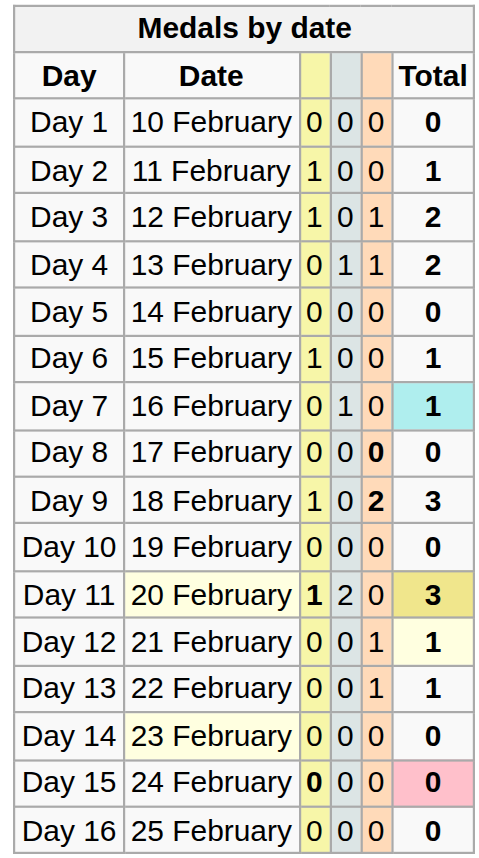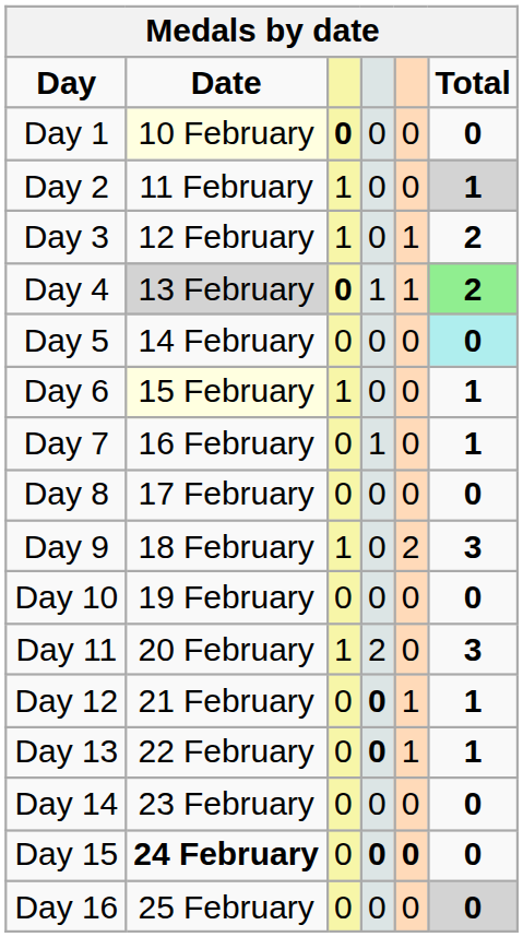 <table class=wikitable style="font-size:85%;float:right">
 <tr bgcolor=efefef>
 <th colspan=6><strong>Medals by date</strong></th>
 </tr>
 <tr align=center>
 <td><strong>Day</strong></td>
 <td><strong>Date</strong></td>
 <td bgcolor=#f7f6a8></td>
 <td bgcolor=#dce5e5></td>
 <td bgcolor=#ffdab9></td>
 <td><strong>Total</strong></td>
 </tr>
 <tr align=center>
 <td>Day 1</td>
-<td>10 February</td>
-<td bgcolor=F7F6A8>0</td>
+<td style="background: lightyellow;">10 February</td>
+<td bgcolor=F7F6A8><strong>0</strong></td>
 <td bgcolor=DCE5E5>0</td>
 <td bgcolor=FFDAB9>0</td>
 <td><strong>0</strong></td>
 </tr>
 <tr align=center>
 <td>Day 2</td>
 <td>11 February</td>
 <td bgcolor=F7F6A8>1</td>
 <td bgcolor=DCE5E5>0</td>
 <td bgcolor=FFDAB9>0</td>
-<td><strong>1</strong></td>
+<td style="background: lightgrey;"><strong>1</strong></td>
 </tr>
 <tr align=center>
 <td>Day 3</td>
 <td>12 February</td>
 <td bgcolor=F7F6A8>1</td>
 <td bgcolor=DCE5E5>0</td>
 <td bgcolor=FFDAB9>1</td>
 <td><strong>2</strong></td>
 </tr>
 <tr align=center>
 <td>Day 4</td>
-<td>13 February</td>
-<td bgcolor=F7F6A8>0</td>
+<td style="background: lightgrey;">13 February</td>
+<td bgcolor=F7F6A8><strong>0</strong></td>
 <td bgcolor=DCE5E5>1</td>
 <td bgcolor=FFDAB9>1</td>
-<td><strong>2</strong></td>
+<td style="background: lightgreen;"><strong>2</strong></td>
 </tr>
 <tr align=center>
 <td>Day 5</td>
 <td>14 February</td>
 <td bgcolor=F7F6A8>0</td>
 <td bgcolor=DCE5E5>0</td>
 <td bgcolor=FFDAB9>0</td>
-<td><strong>0</strong></td>
+<td style="background: paleturquoise;"><strong>0</strong></td>
 </tr>
 <tr align=center>
 <td>Day 6</td>
-<td>15 February</td>
+<td style="background: lightyellow;">15 February</td>
 <td bgcolor=F7F6A8>1</td>
 <td bgcolor=DCE5E5>0</td>
 <td bgcolor=FFDAB9>0</td>
 <td><strong>1</strong></td>
 </tr>
 <tr align=center>
 <td>Day 7</td>
 <td>16 February</td>
 <td bgcolor=F7F6A8>0</td>
 <td bgcolor=DCE5E5>1</td>
 <td bgcolor=FFDAB9>0</td>
-<td style="background: paleturquoise;"><strong>1</strong></td>
+<td><strong>1</strong></td>
 </tr>
 <tr align=center>
 <td>Day 8</td>
 <td>17 February</td>
 <td bgcolor=F7F6A8>0</td>
 <td bgcolor=DCE5E5>0</td>
-<td bgcolor=FFDAB9><strong>0</strong></td>
+<td bgcolor=FFDAB9>0</td>
 <td><strong>0</strong></td>
 </tr>
 <tr align=center>
 <td>Day 9</td>
 <td>18 February</td>
 <td bgcolor=F7F6A8>1</td>
 <td bgcolor=DCE5E5>0</td>
-<td bgcolor=FFDAB9><strong>2</strong></td>
+<td bgcolor=FFDAB9>2</td>
 <td><strong>3</strong></td>
 </tr>
 <tr align=center>
 <td>Day 10</td>
 <td>19 February</td>
 <td bgcolor=F7F6A8>0</td>
 <td bgcolor=DCE5E5>0</td>
 <td bgcolor=FFDAB9>0</td>
 <td><strong>0</strong></td>
 </tr>
 <tr align=center>
 <td>Day 11</td>
-<td style="background: lightyellow;">20 February</td>
-<td bgcolor=F7F6A8><strong>1</strong></td>
+<td>20 February</td>
+<td bgcolor=F7F6A8>1</td>
 <td bgcolor=DCE5E5>2</td>
 <td bgcolor=FFDAB9>0</td>
-<td style="background: khaki;"><strong>3</strong></td>
+<td><strong>3</strong></td>
 </tr>
 <tr align=center>
 <td>Day 12</td>
 <td>21 February</td>
 <td bgcolor=F7F6A8>0</td>
-<td bgcolor=DCE5E5>0</td>
+<td bgcolor=DCE5E5><strong>0</strong></td>
 <td bgcolor=FFDAB9>1</td>
-<td style="background: lightyellow;"><strong>1</strong></td>
+<td><strong>1</strong></td>
 </tr>
 <tr align=center>
 <td>Day 13</td>
 <td>22 February</td>
 <td bgcolor=F7F6A8>0</td>
-<td bgcolor=DCE5E5>0</td>
+<td bgcolor=DCE5E5><strong>0</strong></td>
 <td bgcolor=FFDAB9>1</td>
 <td><strong>1</strong></td>
 </tr>
 <tr align=center>
 <td>Day 14</td>
-<td style="background: lightyellow;">23 February</td>
+<td>23 February</td>
 <td bgcolor=F7F6A8>0</td>
 <td bgcolor=DCE5E5>0</td>
 <td bgcolor=FFDAB9>0</td>
 <td><strong>0</strong></td>
 </tr>
 <tr align=center>
 <td>Day 15</td>
-<td>24 February</td>
-<td bgcolor=F7F6A8><strong>0</strong></td>
-<td bgcolor=DCE5E5>0</td>
-<td bgcolor=FFDAB9>0</td>
-<td style="background: pink;"><strong>0</strong></td>
+<td><strong>24 February</strong></td>
+<td bgcolor=F7F6A8>0</td>
+<td bgcolor=DCE5E5><strong>0</strong></td>
+<td bgcolor=FFDAB9><strong>0</strong></td>
+<td><strong>0</strong></td>
 </tr>
 <tr align=center>
 <td>Day 16</td>
 <td>25 February</td>
 <td bgcolor=F7F6A8>0</td>
 <td bgcolor=DCE5E5>0</td>
 <td bgcolor=FFDAB9>0</td>
-<td><strong>0</strong></td>
+<td style="background: lightgrey;"><strong>0</strong></td>
 </tr>
 </table>
